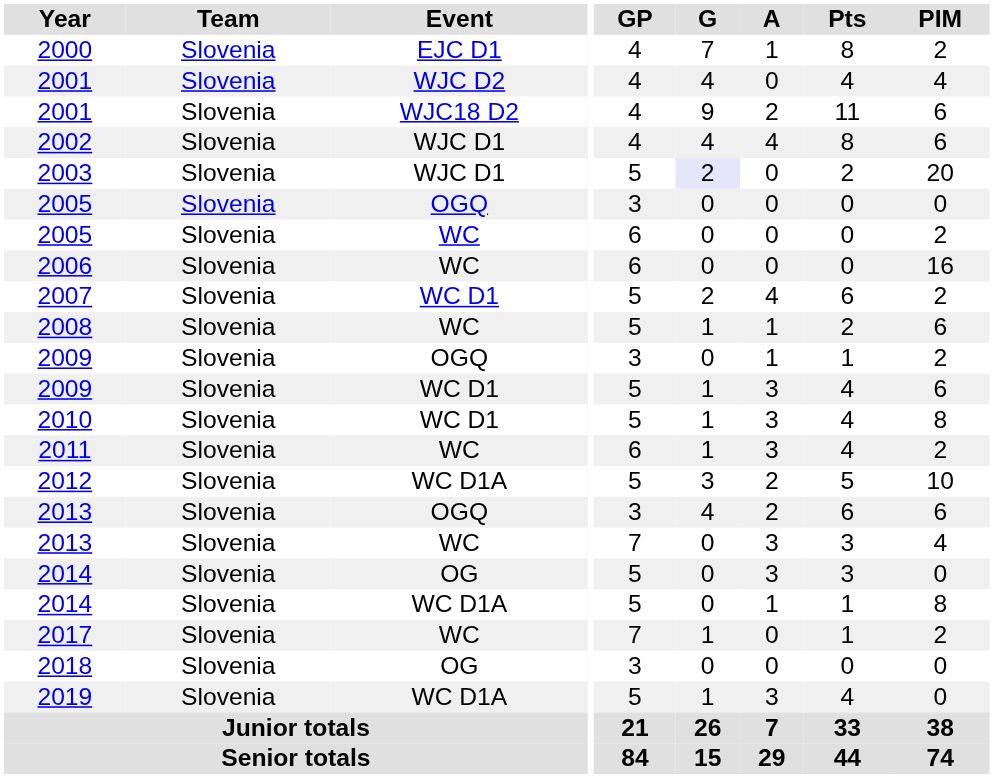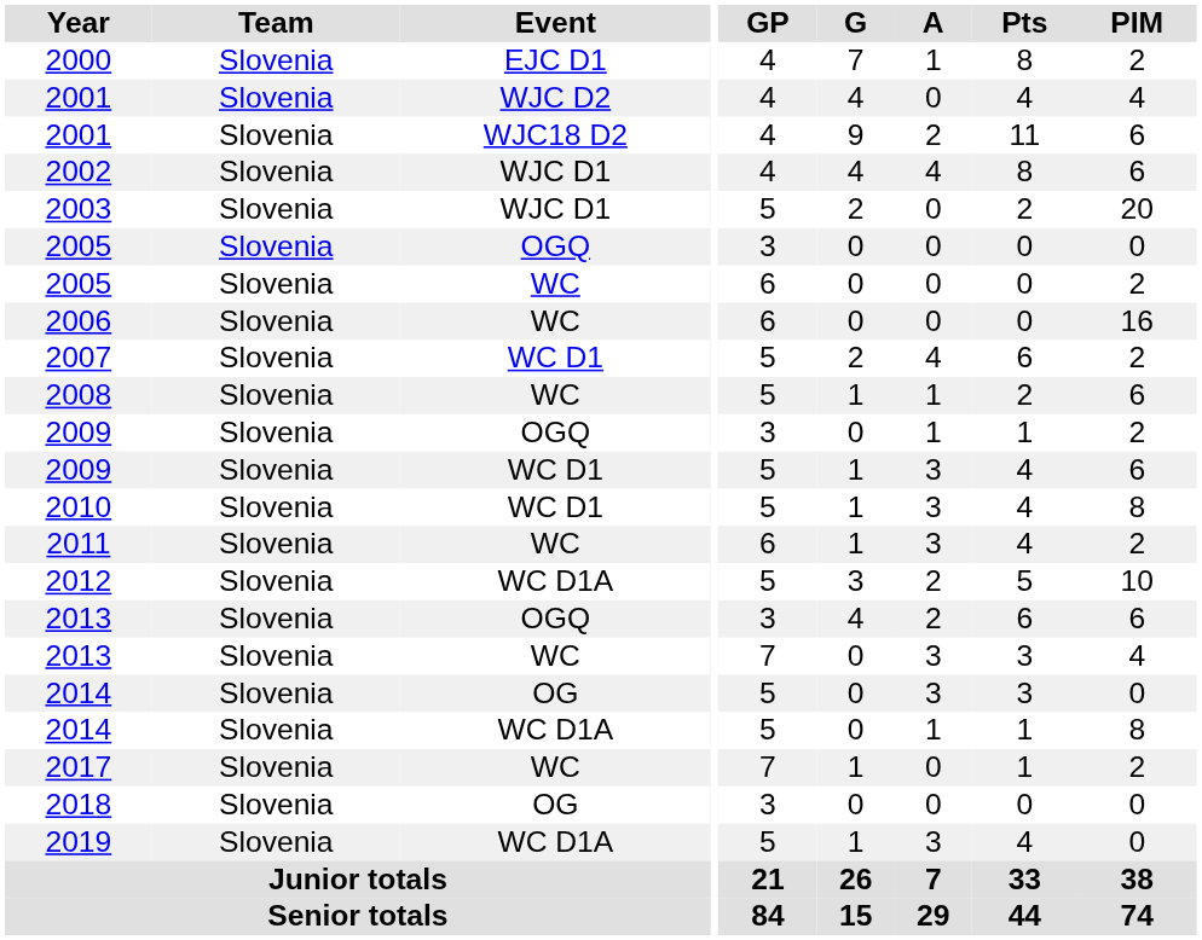 <table border="0" cellpadding="1" cellspacing="0" ID="Table3" style="text-align:center; width:40em">
 <tr ALIGN="center" bgcolor="#e0e0e0">
 <th>Year</th>
 <th>Team</th>
 <th>Event</th>
 <th rowspan="102" bgcolor="#ffffff"></th>
 <th>GP</th>
 <th>G</th>
 <th>A</th>
 <th>Pts</th>
 <th>PIM</th>
 </tr>
 <tr>
 <td><a href='#'>2000</a></td>
 <td><a href='#'>Slovenia</a></td>
 <td><a href='#'>EJC D1</a></td>
 <td>4</td>
 <td>7</td>
 <td>1</td>
 <td>8</td>
 <td>2</td>
 </tr>
 <tr bgcolor="#f0f0f0">
 <td><a href='#'>2001</a></td>
 <td><a href='#'>Slovenia</a></td>
 <td><a href='#'>WJC D2</a></td>
 <td>4</td>
 <td>4</td>
 <td>0</td>
 <td>4</td>
 <td>4</td>
 </tr>
 <tr>
 <td><a href='#'>2001</a></td>
 <td>Slovenia</td>
 <td><a href='#'>WJC18 D2</a></td>
 <td>4</td>
 <td>9</td>
 <td>2</td>
 <td>11</td>
 <td>6</td>
 </tr>
 <tr bgcolor="#f0f0f0">
 <td><a href='#'>2002</a></td>
 <td>Slovenia</td>
 <td>WJC D1</td>
 <td>4</td>
 <td>4</td>
 <td>4</td>
 <td>8</td>
 <td>6</td>
 </tr>
 <tr>
 <td><a href='#'>2003</a></td>
 <td>Slovenia</td>
 <td>WJC D1</td>
 <td>5</td>
-<td style="background: lavender;">2</td>
+<td>2</td>
 <td>0</td>
 <td>2</td>
 <td>20</td>
 </tr>
 <tr bgcolor="#f0f0f0">
 <td><a href='#'>2005</a></td>
 <td><a href='#'>Slovenia</a></td>
 <td><a href='#'>OGQ</a></td>
 <td>3</td>
 <td>0</td>
 <td>0</td>
 <td>0</td>
 <td>0</td>
 </tr>
 <tr>
 <td><a href='#'>2005</a></td>
 <td>Slovenia</td>
 <td><a href='#'>WC</a></td>
 <td>6</td>
 <td>0</td>
 <td>0</td>
 <td>0</td>
 <td>2</td>
 </tr>
 <tr bgcolor="#f0f0f0">
 <td><a href='#'>2006</a></td>
 <td>Slovenia</td>
 <td>WC</td>
 <td>6</td>
 <td>0</td>
 <td>0</td>
 <td>0</td>
 <td>16</td>
 </tr>
 <tr>
 <td><a href='#'>2007</a></td>
 <td>Slovenia</td>
 <td><a href='#'>WC D1</a></td>
 <td>5</td>
 <td>2</td>
 <td>4</td>
 <td>6</td>
 <td>2</td>
 </tr>
 <tr bgcolor="#f0f0f0">
 <td><a href='#'>2008</a></td>
 <td>Slovenia</td>
 <td>WC</td>
 <td>5</td>
 <td>1</td>
 <td>1</td>
 <td>2</td>
 <td>6</td>
 </tr>
 <tr>
 <td><a href='#'>2009</a></td>
 <td>Slovenia</td>
 <td>OGQ</td>
 <td>3</td>
 <td>0</td>
 <td>1</td>
 <td>1</td>
 <td>2</td>
 </tr>
 <tr bgcolor="#f0f0f0">
 <td><a href='#'>2009</a></td>
 <td>Slovenia</td>
 <td>WC D1</td>
 <td>5</td>
 <td>1</td>
 <td>3</td>
 <td>4</td>
 <td>6</td>
 </tr>
 <tr>
 <td><a href='#'>2010</a></td>
 <td>Slovenia</td>
 <td>WC D1</td>
 <td>5</td>
 <td>1</td>
 <td>3</td>
 <td>4</td>
 <td>8</td>
 </tr>
 <tr bgcolor="#f0f0f0">
 <td><a href='#'>2011</a></td>
 <td>Slovenia</td>
 <td>WC</td>
 <td>6</td>
 <td>1</td>
 <td>3</td>
 <td>4</td>
 <td>2</td>
 </tr>
 <tr>
 <td><a href='#'>2012</a></td>
 <td>Slovenia</td>
 <td>WC D1A</td>
 <td>5</td>
 <td>3</td>
 <td>2</td>
 <td>5</td>
 <td>10</td>
 </tr>
 <tr bgcolor="#f0f0f0">
 <td><a href='#'>2013</a></td>
 <td>Slovenia</td>
 <td>OGQ</td>
 <td>3</td>
 <td>4</td>
 <td>2</td>
 <td>6</td>
 <td>6</td>
 </tr>
 <tr>
 <td><a href='#'>2013</a></td>
 <td>Slovenia</td>
 <td>WC</td>
 <td>7</td>
 <td>0</td>
 <td>3</td>
 <td>3</td>
 <td>4</td>
 </tr>
 <tr bgcolor="#f0f0f0">
 <td><a href='#'>2014</a></td>
 <td>Slovenia</td>
 <td>OG</td>
 <td>5</td>
 <td>0</td>
 <td>3</td>
 <td>3</td>
 <td>0</td>
 </tr>
 <tr>
 <td><a href='#'>2014</a></td>
 <td>Slovenia</td>
 <td>WC D1A</td>
 <td>5</td>
 <td>0</td>
 <td>1</td>
 <td>1</td>
 <td>8</td>
 </tr>
 <tr bgcolor="#f0f0f0">
 <td><a href='#'>2017</a></td>
 <td>Slovenia</td>
 <td>WC</td>
 <td>7</td>
 <td>1</td>
 <td>0</td>
 <td>1</td>
 <td>2</td>
 </tr>
 <tr>
 <td><a href='#'>2018</a></td>
 <td>Slovenia</td>
 <td>OG</td>
 <td>3</td>
 <td>0</td>
 <td>0</td>
 <td>0</td>
 <td>0</td>
 </tr>
 <tr bgcolor="#f0f0f0">
 <td><a href='#'>2019</a></td>
 <td>Slovenia</td>
 <td>WC D1A</td>
 <td>5</td>
 <td>1</td>
 <td>3</td>
 <td>4</td>
 <td>0</td>
 </tr>
 <tr bgcolor="#e0e0e0">
 <th colspan=3>Junior totals</th>
 <th>21</th>
 <th>26</th>
 <th>7</th>
 <th>33</th>
 <th>38</th>
 </tr>
 <tr bgcolor="#e0e0e0">
 <th colspan=3>Senior totals</th>
 <th>84</th>
 <th>15</th>
 <th>29</th>
 <th>44</th>
 <th>74</th>
 </tr>
 </table>
